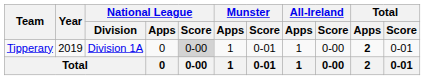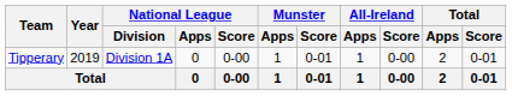 <table class="wikitable" style="text-align:center">
 <tr>
 <th rowspan="2">Team</th>
 <th rowspan="2">Year</th>
 <th colspan="3"><a href='#'>National League</a></th>
 <th colspan="2"><a href='#'>Munster</a></th>
 <th colspan="2"><a href='#'>All-Ireland</a></th>
 <th colspan="2">Total</th>
 </tr>
 <tr>
 <th>Division</th>
 <th>Apps</th>
 <th>Score</th>
 <th>Apps</th>
 <th>Score</th>
 <th>Apps</th>
 <th>Score</th>
 <th>Apps</th>
 <th>Score</th>
 </tr>
 <tr>
 <td rowspan="1"><a href='#'>Tipperary</a></td>
 <td>2019</td>
 <td rowspan="1"><a href='#'>Division 1A</a></td>
 <td>0</td>
-<td style="background: lightgrey;">0-00</td>
+<td>0-00</td>
 <td>1</td>
 <td>0-01</td>
 <td>1</td>
 <td>0-00</td>
-<td><strong>2</strong></td>
+<td>2</td>
 <td>0-01</td>
 </tr>
 <tr>
 <th colspan="3">Total</th>
 <th>0</th>
 <th>0-00</th>
 <th>1</th>
 <th>0-01</th>
 <th>1</th>
 <th>0-00</th>
 <th>2</th>
 <th>0-01</th>
 </tr>
 </table>
